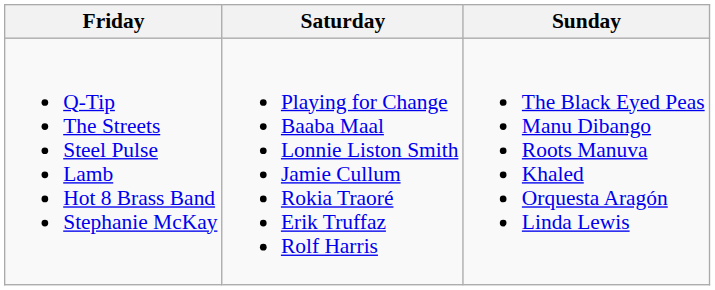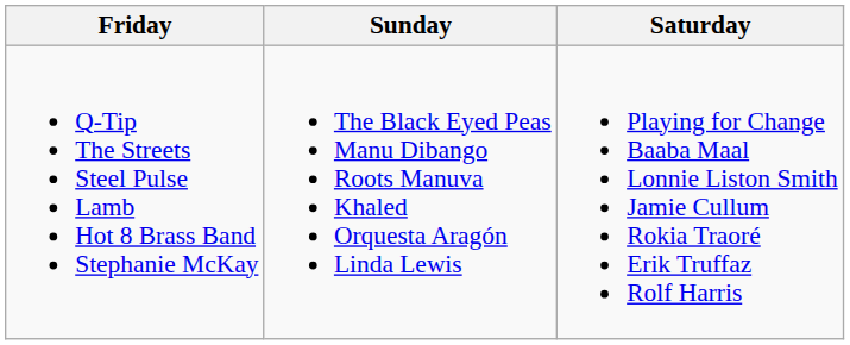 <table class="wikitable">
 <tr>
 <th>Friday</th>
+<th>Sunday</th>
 <th>Saturday</th>
-<th>Sunday</th>
 </tr>
 <tr valign="top">
 <td><br><ul><li><a href='#'>Q-Tip</a></li><li><a href='#'>The Streets</a></li><li><a href='#'>Steel Pulse</a></li><li><a href='#'>Lamb</a></li><li><a href='#'>Hot 8 Brass Band</a></li><li><a href='#'>Stephanie McKay</a></li></ul></td>
+<td><br><ul><li><a href='#'>The Black Eyed Peas</a></li><li><a href='#'>Manu Dibango</a></li><li><a href='#'>Roots Manuva</a></li><li><a href='#'>Khaled</a></li><li><a href='#'>Orquesta Aragón</a></li><li><a href='#'>Linda Lewis</a></li></ul></td>
 <td><br><ul><li><a href='#'>Playing for Change</a></li><li><a href='#'>Baaba Maal</a></li><li><a href='#'>Lonnie Liston Smith</a></li><li><a href='#'>Jamie Cullum</a></li><li><a href='#'>Rokia Traoré</a></li><li><a href='#'>Erik Truffaz</a></li><li><a href='#'>Rolf Harris</a></li></ul></td>
-<td><br><ul><li><a href='#'>The Black Eyed Peas</a></li><li><a href='#'>Manu Dibango</a></li><li><a href='#'>Roots Manuva</a></li><li><a href='#'>Khaled</a></li><li><a href='#'>Orquesta Aragón</a></li><li><a href='#'>Linda Lewis</a></li></ul></td>
 </tr>
 </table>
